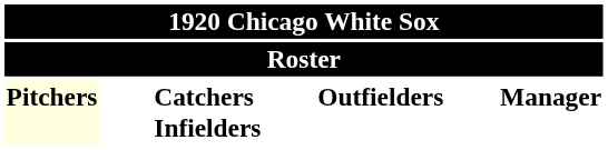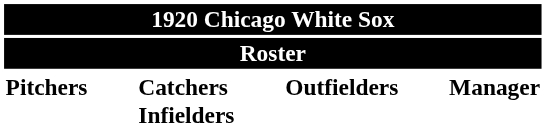 <table class="toccolours" style="font-size: 95%;">
 <tr>
 <th colspan="10" style="background-color: black; color: white; text-align: center;">1920 Chicago White Sox</th>
 </tr>
 <tr>
 <td colspan="10" style="background-color: black; color: white; text-align: center;"><strong>Roster</strong></td>
 </tr>
 <tr>
-<td valign="top" style="background: lightyellow;"><strong>Pitchers</strong><br>         </td>
+<td valign="top"><strong>Pitchers</strong><br>         </td>
 <td width="25px"></td>
 <td valign="top"><strong>Catchers</strong><br>   <strong>Infielders</strong>       </td>
 <td width="25px"></td>
 <td valign="top"><strong>Outfielders</strong><br>     </td>
 <td width="25px"></td>
 <td valign="top"><strong>Manager</strong><br></td>
 </tr>
 </table>
